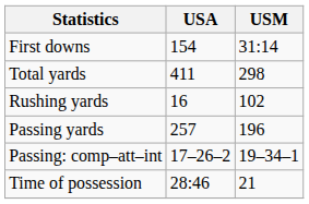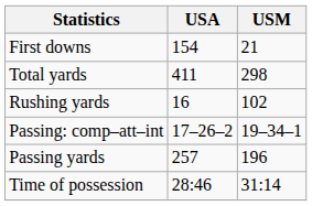 <table class="wikitable" style="float: left;">
 <tr>
 <th>Statistics</th>
 <th>USA</th>
 <th>USM</th>
 </tr>
 <tr>
 <td>First downs</td>
 <td>154</td>
-<td>31:14</td>
+<td>21</td>
 </tr>
 <tr>
 <td>Total yards</td>
 <td>411</td>
 <td>298</td>
 </tr>
 <tr>
 <td>Rushing yards</td>
 <td>16</td>
 <td>102</td>
 </tr>
 <tr>
+<td>Passing: comp–att–int</td>
+<td>17–26–2</td>
+<td>19–34–1</td>
+</tr>
+<tr>
 <td>Passing yards</td>
 <td>257</td>
 <td>196</td>
 </tr>
 <tr>
-<td>Passing: comp–att–int</td>
-<td>17–26–2</td>
-<td>19–34–1</td>
-</tr>
-<tr>
 <td>Time of possession</td>
 <td>28:46</td>
-<td>21</td>
+<td>31:14</td>
 </tr>
 <tr>
 </tr>
 </table>
